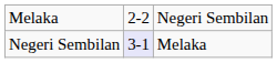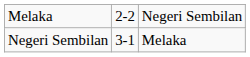 <table class="wikitable">
 <tr>
 <td>Melaka</td>
 <td>2-2</td>
 <td>Negeri Sembilan</td>
 </tr>
 <tr>
 <td>Negeri Sembilan</td>
-<td style="background: lavender;">3-1</td>
+<td>3-1</td>
 <td>Melaka</td>
 </tr>
 </table>
